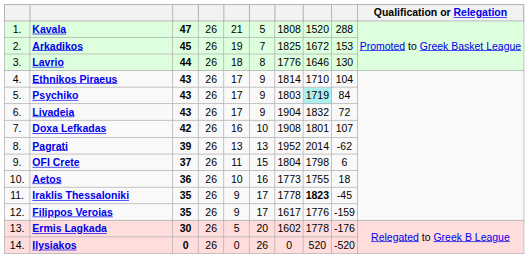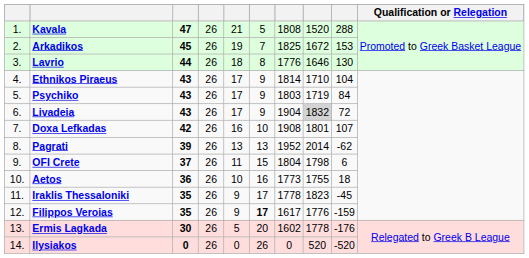 <table class="wikitable" style="text-align: center; font-size:95%">
 <tr bgcolor=2f4f4f>
 <th width=30></th>
 <th width=200></th>
 <th width=30></th>
 <th width=30></th>
 <th width=30></th>
 <th width=30></th>
 <th width=30></th>
 <th width=30></th>
 <th width=30></th>
 <th>Qualification or <a href='#'>Relegation</a></th>
 </tr>
 <tr style="background:#dfd;">
 <td>1.</td>
 <td align="left"><strong><a href='#'>Kavala</a></strong></td>
 <td><strong>47</strong></td>
 <td>26</td>
 <td>21</td>
 <td>5</td>
 <td>1808</td>
 <td>1520</td>
 <td>288</td>
 <td rowspan="3"><a href='#'>Promoted</a> to <a href='#'>Greek Basket League</a></td>
 </tr>
 <tr style="background:#dfd;">
 <td>2.</td>
 <td align="left"><strong><a href='#'>Arkadikos</a></strong></td>
 <td><strong>45</strong></td>
 <td>26</td>
 <td>19</td>
 <td>7</td>
 <td>1825</td>
 <td>1672</td>
 <td>153</td>
 </tr>
 <tr style="background:#dfd;">
 <td>3.</td>
 <td align="left"><strong><a href='#'>Lavrio</a></strong></td>
 <td><strong>44</strong></td>
 <td>26</td>
 <td>18</td>
 <td>8</td>
 <td>1776</td>
 <td>1646</td>
 <td>130</td>
 </tr>
 <tr>
 <td>4.</td>
 <td align="left"><strong> <a href='#'>Ethnikos Piraeus</a></strong></td>
 <td><strong>43</strong></td>
 <td>26</td>
 <td>17</td>
 <td>9</td>
 <td>1814</td>
 <td>1710</td>
 <td>104</td>
 <td rowspan="9"></td>
 </tr>
 <tr>
 <td>5.</td>
 <td align="left"><strong><a href='#'>Psychiko</a></strong></td>
 <td><strong>43</strong></td>
 <td>26</td>
 <td>17</td>
 <td>9</td>
 <td>1803</td>
-<td style="background: paleturquoise;">1719</td>
+<td>1719</td>
 <td>84</td>
 </tr>
 <tr>
 <td>6.</td>
 <td align="left"><strong><a href='#'>Livadeia</a></strong></td>
 <td><strong>43</strong></td>
 <td>26</td>
 <td>17</td>
 <td>9</td>
 <td>1904</td>
-<td>1832</td>
+<td style="background: lightgrey;">1832</td>
 <td>72</td>
 </tr>
 <tr>
 <td>7.</td>
 <td align="left"><strong><a href='#'>Doxa Lefkadas</a></strong></td>
 <td><strong>42</strong></td>
 <td>26</td>
 <td>16</td>
 <td>10</td>
 <td>1908</td>
 <td>1801</td>
 <td>107</td>
 </tr>
 <tr>
 <td>8.</td>
 <td align="left"><strong><a href='#'>Pagrati</a></strong></td>
 <td><strong>39</strong></td>
 <td>26</td>
 <td>13</td>
 <td>13</td>
 <td>1952</td>
 <td>2014</td>
 <td>-62</td>
 </tr>
 <tr>
 <td>9.</td>
 <td align="left"><strong><a href='#'>OFI Crete</a></strong></td>
 <td><strong>37</strong></td>
 <td>26</td>
 <td>11</td>
 <td>15</td>
 <td>1804</td>
 <td>1798</td>
 <td>6</td>
 </tr>
 <tr>
 <td>10.</td>
 <td align="left"><strong> <a href='#'>Aetos</a></strong></td>
 <td><strong>36</strong></td>
 <td>26</td>
 <td>10</td>
 <td>16</td>
 <td>1773</td>
 <td>1755</td>
 <td>18</td>
 </tr>
 <tr>
 <td>11.</td>
 <td align="left"><strong><a href='#'>Iraklis Thessaloniki</a></strong></td>
 <td><strong>35</strong></td>
 <td>26</td>
 <td>9</td>
 <td>17</td>
 <td>1778</td>
-<td><strong>1823</strong></td>
+<td>1823</td>
 <td>-45</td>
 </tr>
 <tr>
 <td>12.</td>
 <td align="left"><strong><a href='#'>Filippos Veroias</a> </strong></td>
 <td><strong>35</strong></td>
 <td>26</td>
 <td>9</td>
-<td>17</td>
+<td><strong>17</strong></td>
 <td>1617</td>
 <td>1776</td>
 <td>-159</td>
 </tr>
 <tr style="background:#fdd;">
 <td>13.</td>
 <td align="left"><strong><a href='#'>Ermis Lagkada</a> </strong></td>
 <td><strong>30</strong></td>
 <td>26</td>
 <td>5</td>
 <td>20</td>
 <td>1602</td>
 <td>1778</td>
 <td>-176</td>
 <td rowspan="2"><a href='#'>Relegated</a> to <a href='#'>Greek B League</a></td>
 </tr>
 <tr style="background:#fdd;">
 <td>14.</td>
 <td align="left"><strong><a href='#'>Ilysiakos</a></strong></td>
 <td><strong>0</strong></td>
 <td>26</td>
 <td>0</td>
 <td>26</td>
 <td>0</td>
 <td>520</td>
 <td>-520</td>
 </tr>
 </table>
